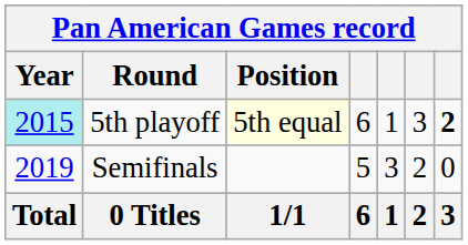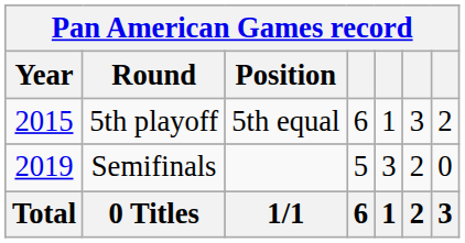 <table class="wikitable" style="text-align: center;">
 <tr>
 <th colspan=10><a href='#'>Pan American Games record</a></th>
 </tr>
 <tr>
 <th>Year</th>
 <th>Round</th>
 <th>Position</th>
 <th></th>
 <th></th>
 <th></th>
 <th></th>
 </tr>
 <tr>
-<td style="background: paleturquoise;"> <a href='#'>2015</a></td>
+<td> <a href='#'>2015</a></td>
 <td>5th playoff</td>
-<td style="background: lightyellow;">5th equal</td>
+<td>5th equal</td>
 <td>6</td>
 <td>1</td>
 <td>3</td>
-<td><strong>2</strong></td>
+<td>2</td>
 </tr>
 <tr>
 <td> <a href='#'>2019</a></td>
 <td>Semifinals</td>
 <td></td>
 <td>5</td>
 <td>3</td>
 <td>2</td>
 <td>0</td>
 </tr>
 <tr>
 <th>Total</th>
 <th>0 Titles</th>
 <th>1/1</th>
 <th>6</th>
 <th>1</th>
 <th>2</th>
 <th>3</th>
 </tr>
 </table>
